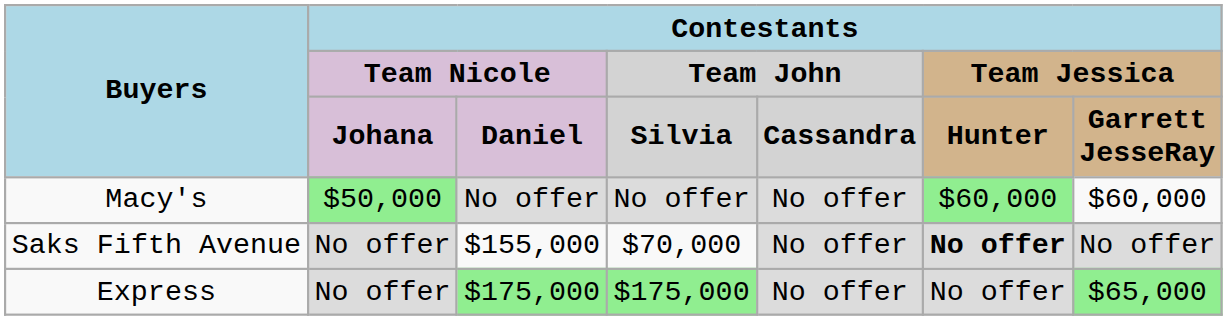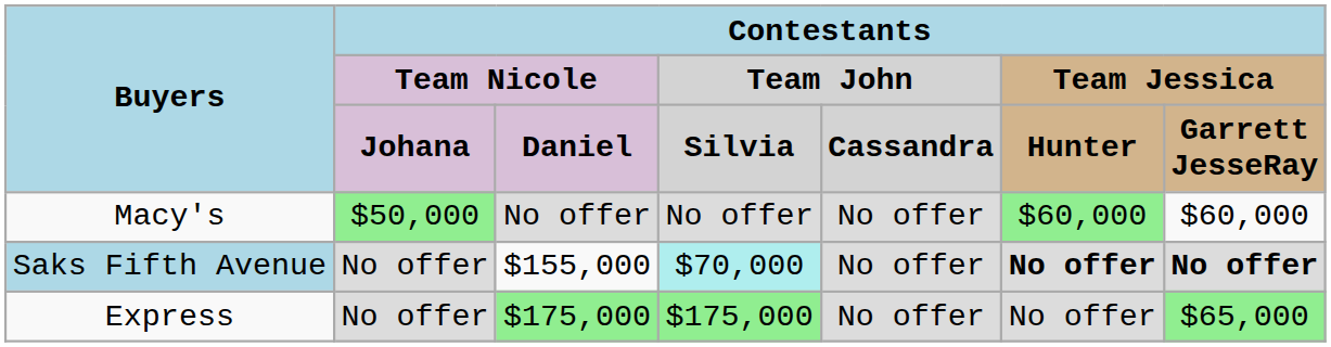 <table class="wikitable" style="text-align:center">
 <tr style="background:lightblue;">
 <td rowspan="3"><strong>Buyers</strong></td>
 <td colspan="10"><strong>Contestants</strong></td>
 </tr>
 <tr>
 <td bgcolor=Thistle colspan=2><strong>Team Nicole</strong></td>
 <td bgcolor=LightGray colspan=2><strong>Team John</strong></td>
 <td bgcolor=Tan colspan=2><strong>Team Jessica</strong></td>
 </tr>
 <tr>
 <td bgcolor=Thistle><strong>Johana</strong></td>
 <td bgcolor=Thistle><strong>Daniel</strong></td>
 <td bgcolor=LightGray><strong>Silvia</strong></td>
 <td bgcolor=LightGray><strong>Cassandra</strong></td>
 <td bgcolor=Tan><strong>Hunter</strong></td>
 <td bgcolor=Tan><strong>Garrett<br>JesseRay</strong></td>
 </tr>
 <tr>
 <td>Macy's</td>
 <td bgcolor=lightgreen>$50,000</td>
 <td bgcolor=#DCDCDC>No offer</td>
 <td bgcolor=#DCDCDC>No offer</td>
 <td bgcolor=#DCDCDC>No offer</td>
 <td bgcolor=lightgreen>$60,000</td>
 <td>$60,000</td>
 </tr>
 <tr>
-<td>Saks Fifth Avenue</td>
+<td style="background: lightblue;">Saks Fifth Avenue</td>
 <td bgcolor=#DCDCDC>No offer</td>
 <td>$155,000</td>
-<td>$70,000</td>
+<td style="background: paleturquoise;">$70,000</td>
 <td bgcolor=#DCDCDC>No offer</td>
 <td bgcolor=#DCDCDC><strong>No offer</strong></td>
-<td bgcolor=#DCDCDC>No offer</td>
+<td bgcolor=#DCDCDC><strong>No offer</strong></td>
 </tr>
 <tr>
 <td>Express</td>
 <td bgcolor=#DCDCDC>No offer</td>
 <td bgcolor=lightgreen>$175,000</td>
 <td bgcolor=lightgreen>$175,000</td>
 <td bgcolor=#DCDCDC>No offer</td>
 <td bgcolor=#DCDCDC>No offer</td>
 <td bgcolor=lightgreen>$65,000</td>
 </tr>
 </table>
